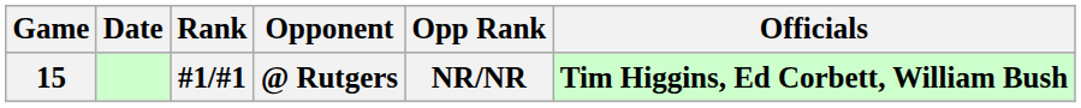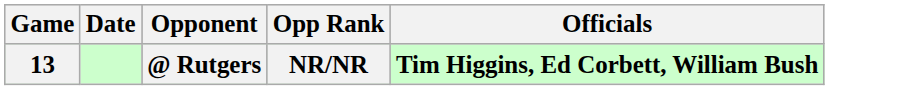 <table class="wikitable">
 <tr>
 <th>Game</th>
 <th>Date</th>
-<th>Rank</th>
 <th>Opponent</th>
 <th>Opp Rank</th>
 <th>Officials</th>
 </tr>
 <tr align="center" bgcolor="#ccffcc">
-<th>15</th>
+<th>13</th>
 <td></td>
-<th>#1/#1</th>
 <th>@ Rutgers</th>
 <th>NR/NR</th>
 <td><strong>Tim Higgins, Ed Corbett, William Bush</strong></td>
 </tr>
 </table>
